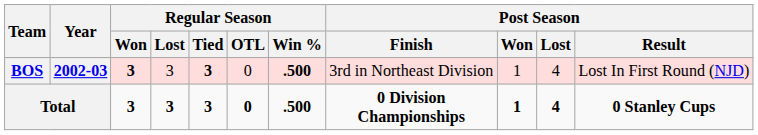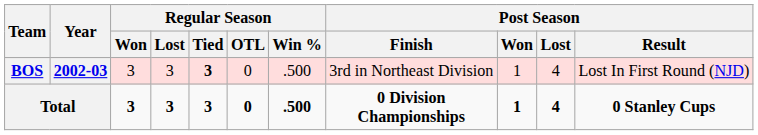 <table class="wikitable" style="font-size: 95%; text-align:center;">
 <tr>
 <th rowspan="2">Team</th>
 <th rowspan="2">Year</th>
 <th colspan="5">Regular Season</th>
 <th colspan="4">Post Season</th>
 </tr>
 <tr>
 <th>Won</th>
 <th>Lost</th>
 <th>Tied</th>
 <th>OTL</th>
 <th>Win %</th>
 <th>Finish</th>
 <th>Won</th>
 <th>Lost</th>
 <th>Result</th>
 </tr>
 <tr ! style="background:#fdd;">
 <th><a href='#'>BOS</a></th>
 <th><a href='#'>2002-03</a></th>
-<td><strong>3</strong></td>
+<td>3</td>
 <td>3</td>
 <td><strong>3</strong></td>
 <td>0</td>
-<td><strong>.500</strong></td>
+<td>.500</td>
 <td>3rd in Northeast Division</td>
 <td>1</td>
 <td>4</td>
 <td>Lost In First Round (<a href='#'>NJD</a>)</td>
 </tr>
 <tr>
 <th colspan="2"><strong>Total</strong></th>
 <td><strong>3</strong></td>
 <td><strong>3</strong></td>
 <td><strong>3</strong></td>
 <td><strong>0</strong></td>
 <td><strong>.500</strong></td>
 <td><strong>0 Division<br>Championships</strong></td>
 <td><strong>1</strong></td>
 <td><strong>4</strong></td>
 <td><strong>0 Stanley Cups</strong></td>
 </tr>
 </table>
